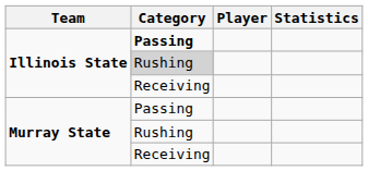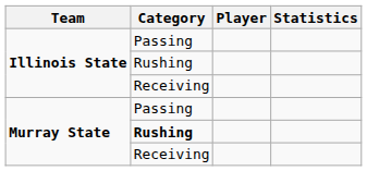 <table class="wikitable" style="float: right;">
 <tr>
 <th>Team</th>
 <th>Category</th>
 <th>Player</th>
 <th>Statistics</th>
 </tr>
 <tr>
 <td rowspan=3><strong>Illinois State</strong></td>
-<td><strong>Passing</strong></td>
+<td>Passing</td>
 <td></td>
 <td></td>
 </tr>
 <tr>
-<td style="background: lightgrey;">Rushing</td>
+<td>Rushing</td>
 <td></td>
 <td></td>
 </tr>
 <tr>
 <td>Receiving</td>
 <td></td>
 <td></td>
 </tr>
 <tr>
 <td rowspan=3><strong>Murray State</strong></td>
 <td>Passing</td>
 <td></td>
 <td></td>
 </tr>
 <tr>
-<td>Rushing</td>
+<td><strong>Rushing</strong></td>
 <td></td>
 <td></td>
 </tr>
 <tr>
 <td>Receiving</td>
 <td></td>
 <td></td>
 </tr>
 </table>
